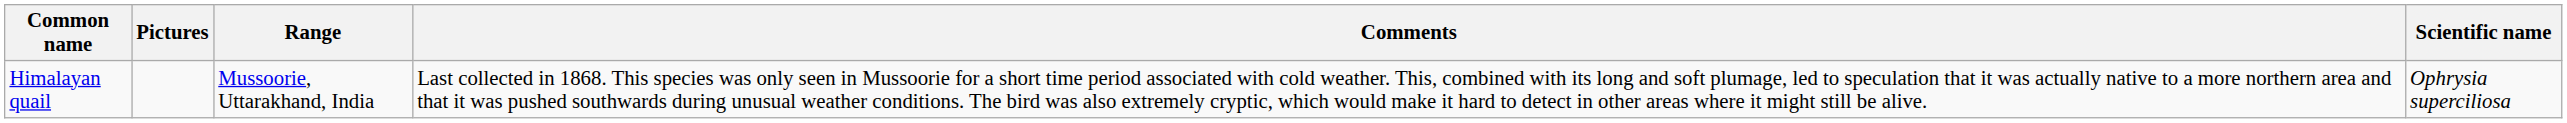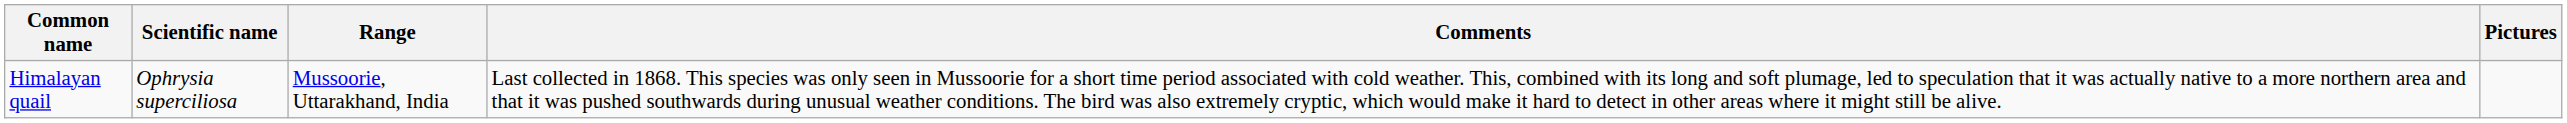 <table class="wikitable">
 <tr>
 <th>Common name</th>
-<th class="unsortable">Pictures</th>
+<th>Scientific name</th>
 <th>Range</th>
 <th class="unsortable">Comments</th>
-<th>Scientific name</th>
+<th class="unsortable">Pictures</th>
 </tr>
 <tr>
 <td><a href='#'>Himalayan quail</a></td>
-<td></td>
+<td><em>Ophrysia superciliosa</em></td>
 <td><a href='#'>Mussoorie</a>, Uttarakhand, India</td>
 <td>Last collected in 1868. This species was only seen in Mussoorie for a short time period associated with cold weather. This, combined with its long and soft plumage, led to speculation that it was actually native to a more northern area and that it was pushed southwards during unusual weather conditions. The bird was also extremely cryptic, which would make it hard to detect in other areas where it might still be alive.</td>
-<td><em>Ophrysia superciliosa</em></td>
+<td></td>
 </tr>
 </table>
